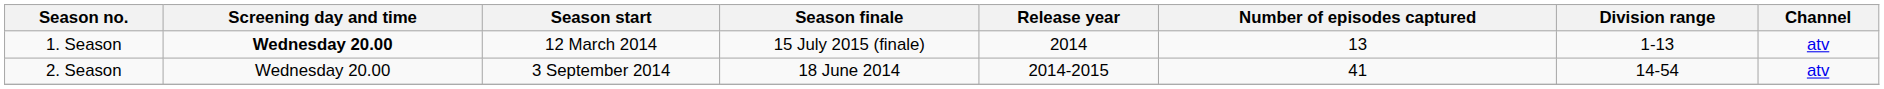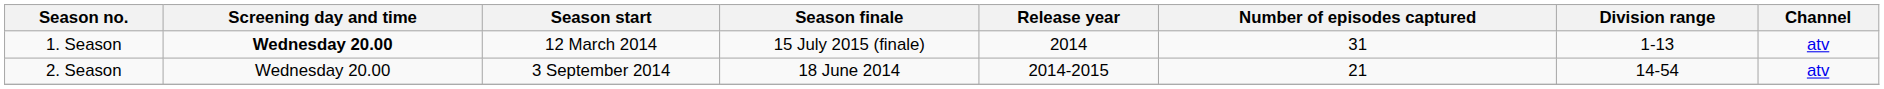 <table class="wikitable" style="width:90%; text-align:center">
 <tr>
 <th colspan="1">Season no.</th>
 <th colspan="1">Screening day and time</th>
 <th colspan="1">Season start</th>
 <th colspan="1">Season finale</th>
 <th colspan="1">Release year</th>
 <th colspan="1">Number of episodes captured</th>
 <th colspan="1">Division range</th>
 <th colspan="1">Channel</th>
 </tr>
 <tr>
 <td>1. Season</td>
 <td><strong>Wednesday 20.00</strong></td>
 <td>12 March 2014</td>
 <td>15 July 2015 (finale)</td>
 <td>2014</td>
-<td>13</td>
+<td>31</td>
 <td>1-13</td>
 <td><a href='#'>atv</a></td>
 </tr>
 <tr>
 <td>2. Season</td>
 <td>Wednesday 20.00</td>
 <td>3 September 2014</td>
 <td>18 June 2014</td>
 <td>2014-2015</td>
-<td>41</td>
+<td>21</td>
 <td>14-54</td>
 <td><a href='#'>atv</a></td>
 </tr>
 <tr>
 </tr>
 </table>
